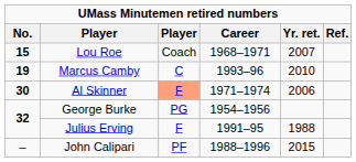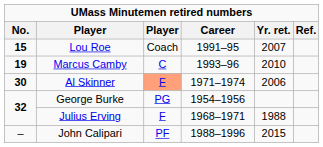 <table class="wikitable sortable" style="text-align:center">
 <tr>
 <td colspan=6><strong>UMass Minutemen retired numbers</strong></td>
 </tr>
 <tr>
 <th width=40px>No.</th>
 <th width=150px>Player</th>
 <th width=40px>Player</th>
 <th width=100px>Career</th>
 <th width=px>Yr. ret.</th>
 <th width=px>Ref.</th>
 </tr>
 <tr>
 <td><strong>15</strong></td>
 <td><a href='#'>Lou Roe</a></td>
 <td>Coach</td>
-<td>1968–1971</td>
+<td>1991–95</td>
 <td>2007</td>
 <td></td>
 </tr>
 <tr>
 <td><strong>19</strong></td>
 <td><a href='#'>Marcus Camby</a></td>
 <td><a href='#'>C</a></td>
 <td>1993–96</td>
 <td>2010</td>
 <td></td>
 </tr>
 <tr>
 <td><strong>30</strong></td>
 <td><a href='#'>Al Skinner</a></td>
 <td style="background: lightsalmon;"><a href='#'>F</a></td>
 <td>1971–1974</td>
 <td>2006</td>
 <td></td>
 </tr>
 <tr>
 <td rowspan=2><strong>32</strong></td>
 <td>George Burke</td>
 <td><a href='#'>PG</a></td>
 <td>1954–1956</td>
 <td></td>
 <td></td>
 </tr>
 <tr>
 <td><a href='#'>Julius Erving</a></td>
 <td><a href='#'>F</a></td>
-<td>1991–95</td>
+<td>1968–1971</td>
 <td>1988</td>
 <td></td>
 </tr>
 <tr>
 <td>–</td>
 <td>John Calipari</td>
 <td><a href='#'>PF</a></td>
 <td>1988–1996</td>
 <td>2015</td>
 <td></td>
 </tr>
 </table>
